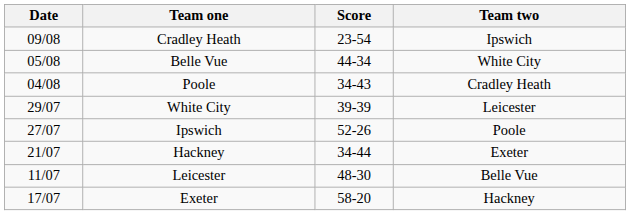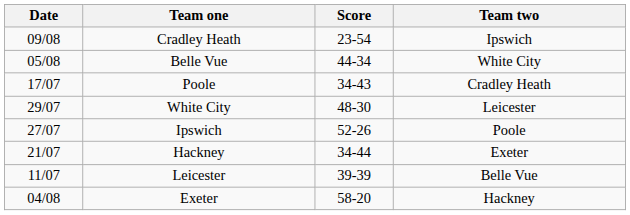 <table class="wikitable" style="text-align: center">
 <tr>
 <th width=80>Date</th>
 <th width=250>Team one</th>
 <th width=80>Score</th>
 <th width=250>Team two</th>
 </tr>
 <tr>
 <td>09/08</td>
 <td>Cradley Heath</td>
 <td>23-54</td>
 <td>Ipswich</td>
 </tr>
 <tr>
 <td>05/08</td>
 <td>Belle Vue</td>
 <td>44-34</td>
 <td>White City</td>
 </tr>
 <tr>
-<td>04/08</td>
+<td>17/07</td>
 <td>Poole</td>
 <td>34-43</td>
 <td>Cradley Heath</td>
 </tr>
 <tr>
 <td>29/07</td>
 <td>White City</td>
-<td>39-39</td>
+<td>48-30</td>
 <td>Leicester</td>
 </tr>
 <tr>
 <td>27/07</td>
 <td>Ipswich</td>
 <td>52-26</td>
 <td>Poole</td>
 </tr>
 <tr>
 <td>21/07</td>
 <td>Hackney</td>
 <td>34-44</td>
 <td>Exeter</td>
 </tr>
 <tr>
 <td>11/07</td>
 <td>Leicester</td>
-<td>48-30</td>
+<td>39-39</td>
 <td>Belle Vue</td>
 </tr>
 <tr>
-<td>17/07</td>
+<td>04/08</td>
 <td>Exeter</td>
 <td>58-20</td>
 <td>Hackney</td>
 </tr>
 </table>
